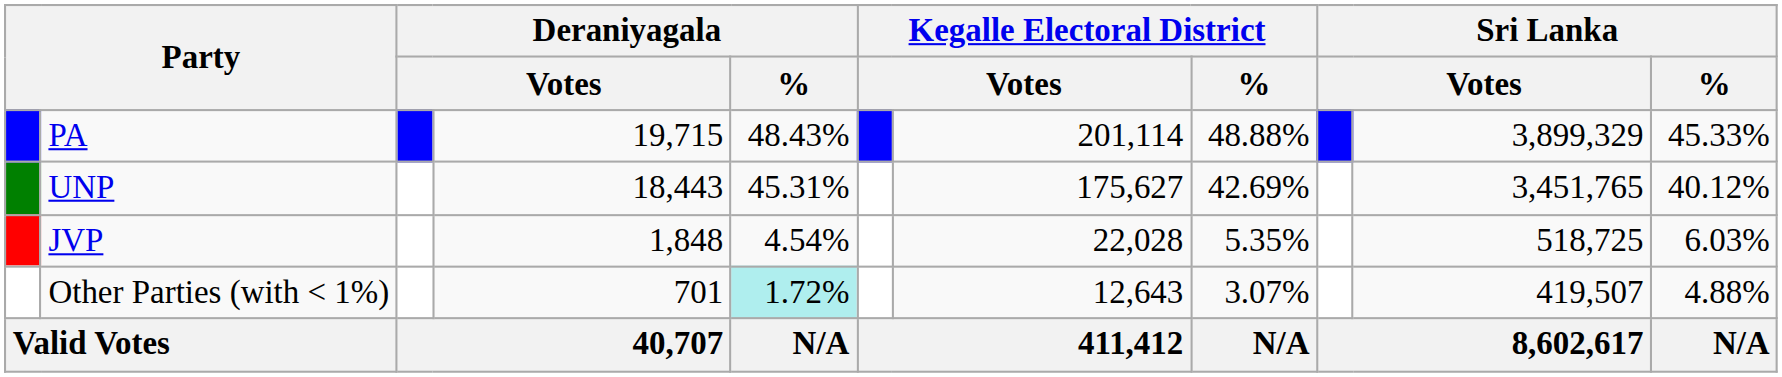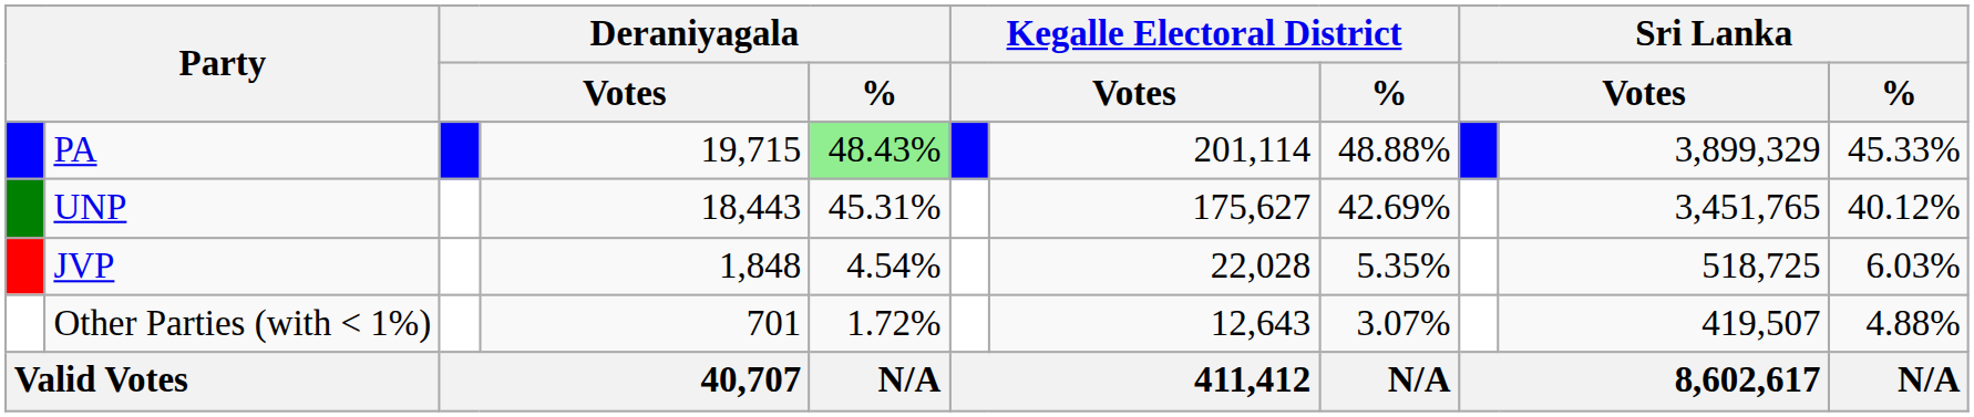 <table class="wikitable">
 <tr>
 <th colspan="2" width="144px"rowspan="2">Party</th>
 <th colspan="3" width="216px">Deraniyagala</th>
 <th colspan="3" width="216px"><a href='#'>Kegalle Electoral District</a></th>
 <th colspan="3" width="216px">Sri Lanka</th>
 </tr>
 <tr>
 <th colspan="2" width="144px">Votes</th>
 <th>%</th>
 <th colspan="2" width="144px">Votes</th>
 <th>%</th>
 <th colspan="2" width="144px">Votes</th>
 <th>%</th>
 </tr>
 <tr>
 <td style="background-color:blue;" width="10px"></td>
 <td style="text-align:left;"><a href='#'>PA</a></td>
 <td style="background-color:blue;" width="10px"></td>
 <td style="text-align:right;">19,715</td>
-<td style="text-align:right;">48.43%</td>
+<td style="background: lightgreen; text-align:right;">48.43%</td>
 <td style="background-color:blue;" width="10px"></td>
 <td style="text-align:right;">201,114</td>
 <td style="text-align:right;">48.88%</td>
 <td style="background-color:blue;" width="10px"></td>
 <td style="text-align:right;">3,899,329</td>
 <td style="text-align:right;">45.33%</td>
 </tr>
 <tr>
 <td style="background-color:green;" width="10px"></td>
 <td style="text-align:left;"><a href='#'>UNP</a></td>
 <td style="background-color:white;" width="10px"></td>
 <td style="text-align:right;">18,443</td>
 <td style="text-align:right;">45.31%</td>
 <td style="background-color:white;" width="10px"></td>
 <td style="text-align:right;">175,627</td>
 <td style="text-align:right;">42.69%</td>
 <td style="background-color:white;" width="10px"></td>
 <td style="text-align:right;">3,451,765</td>
 <td style="text-align:right;">40.12%</td>
 </tr>
 <tr>
 <td style="background-color:red;" width="10px"></td>
 <td style="text-align:left;"><a href='#'>JVP</a></td>
 <td style="background-color:white;" width="10px"></td>
 <td style="text-align:right;">1,848</td>
 <td style="text-align:right;">4.54%</td>
 <td style="background-color:white;" width="10px"></td>
 <td style="text-align:right;">22,028</td>
 <td style="text-align:right;">5.35%</td>
 <td style="background-color:white;" width="10px"></td>
 <td style="text-align:right;">518,725</td>
 <td style="text-align:right;">6.03%</td>
 </tr>
 <tr>
 <td style="background-color:white;" width="10px"></td>
 <td style="text-align:left;">Other Parties (with < 1%)</td>
 <td style="background-color:white;" width="10px"></td>
 <td style="text-align:right;">701</td>
-<td style="background: paleturquoise; text-align:right;">1.72%</td>
+<td style="text-align:right;">1.72%</td>
 <td style="background-color:white;" width="10px"></td>
 <td style="text-align:right;">12,643</td>
 <td style="text-align:right;">3.07%</td>
 <td style="background-color:white;" width="10px"></td>
 <td style="text-align:right;">419,507</td>
 <td style="text-align:right;">4.88%</td>
 </tr>
 <tr>
 <th colspan="2" width="144px"style="text-align:left;">Valid Votes</th>
 <th style="text-align:right;"colspan="2" width="144px">40,707</th>
 <th style="text-align:right;">N/A</th>
 <th style="text-align:right;"colspan="2" width="144px">411,412</th>
 <th style="text-align:right;">N/A</th>
 <th style="text-align:right;"colspan="2" width="144px">8,602,617</th>
 <th style="text-align:right;">N/A</th>
 </tr>
 </table>
